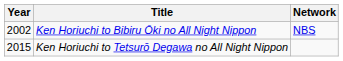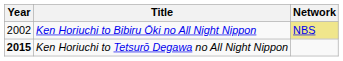 <table class="wikitable">
 <tr>
 <th>Year</th>
 <th>Title</th>
 <th>Network</th>
 </tr>
 <tr>
 <td>2002</td>
 <td><em><a href='#'>Ken Horiuchi to Bibiru Ōki no All Night Nippon</a></em></td>
-<td><a href='#'>NBS</a></td>
+<td style="background: khaki;"><a href='#'>NBS</a></td>
 </tr>
 <tr>
-<td>2015</td>
+<td><strong>2015</strong></td>
 <td><em>Ken Horiuchi to <a href='#'>Tetsurō Degawa</a> no All Night Nippon</em></td>
 <td></td>
 </tr>
 </table>
